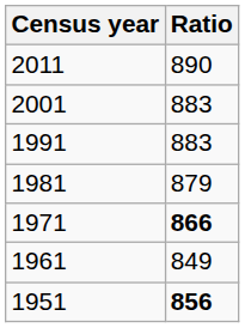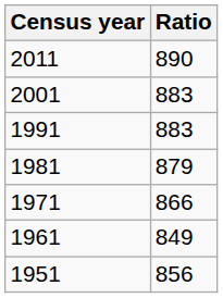 <table class="wikitable sortable">
 <tr>
 <th>Census year</th>
 <th>Ratio</th>
 </tr>
 <tr>
 <td>2011</td>
 <td>890</td>
 </tr>
 <tr>
 <td>2001</td>
 <td>883</td>
 </tr>
 <tr>
 <td>1991</td>
 <td>883</td>
 </tr>
 <tr>
 <td>1981</td>
 <td>879</td>
 </tr>
 <tr>
 <td>1971</td>
-<td><strong>866</strong></td>
+<td>866</td>
 </tr>
 <tr>
 <td>1961</td>
 <td>849</td>
 </tr>
 <tr>
 <td>1951</td>
-<td><strong>856</strong></td>
+<td>856</td>
 </tr>
 </table>
